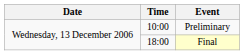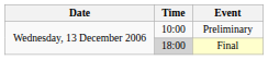 <table class = "wikitable" style="text-align:center;">
 <tr>
 <th width=220>Date</th>
 <th width=50>Time</th>
 <th width=100>Event</th>
 </tr>
 <tr>
 <td rowspan=2>Wednesday, 13 December 2006</td>
 <td>10:00</td>
 <td>Preliminary</td>
 </tr>
 <tr>
-<td>18:00</td>
+<td style="background: lightgrey;">18:00</td>
 <td bgcolor=ffffcc>Final</td>
 </tr>
 </table>
